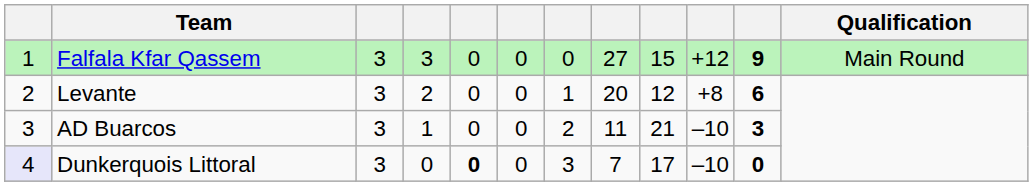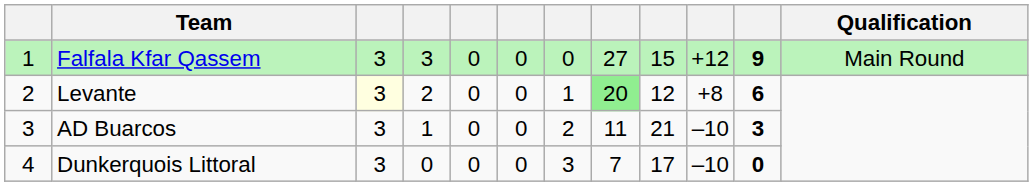 <table class="wikitable" style="font-size: 95%">
 <tr>
 <th width="25"></th>
 <th width="200">Team</th>
 <th width="25"></th>
 <th width="25"></th>
 <th width="25"></th>
 <th width="25"></th>
 <th width="25"></th>
 <th width="25"></th>
 <th width="25"></th>
 <th width="25"></th>
 <th width="25"></th>
 <th width="160">Qualification</th>
 </tr>
 <tr align=center bgcolor=#bbf3bb>
 <td>1</td>
 <td align=left> <a href='#'>Falfala Kfar Qassem</a></td>
 <td>3</td>
 <td>3</td>
 <td>0</td>
 <td>0</td>
 <td>0</td>
 <td>27</td>
 <td>15</td>
 <td>+12</td>
 <td><strong>9</strong></td>
 <td>Main Round</td>
 </tr>
 <tr align=center>
 <td>2</td>
 <td align=left> Levante</td>
-<td>3</td>
+<td style="background: lightyellow;">3</td>
 <td>2</td>
 <td>0</td>
 <td>0</td>
 <td>1</td>
-<td>20</td>
+<td style="background: lightgreen;">20</td>
 <td>12</td>
 <td>+8</td>
 <td><strong>6</strong></td>
 <td rowspan=3></td>
 </tr>
 <tr align=center>
 <td>3</td>
 <td align=left> AD Buarcos</td>
 <td>3</td>
 <td>1</td>
 <td>0</td>
 <td>0</td>
 <td>2</td>
 <td>11</td>
 <td>21</td>
 <td>–10</td>
 <td><strong>3</strong></td>
 </tr>
 <tr align=center>
-<td style="background: lavender;">4</td>
+<td>4</td>
 <td align=left> Dunkerquois Littoral</td>
 <td>3</td>
 <td>0</td>
-<td><strong>0</strong></td>
+<td>0</td>
 <td>0</td>
 <td>3</td>
 <td>7</td>
 <td>17</td>
 <td>–10</td>
 <td><strong>0</strong></td>
 </tr>
 </table>
